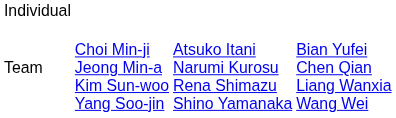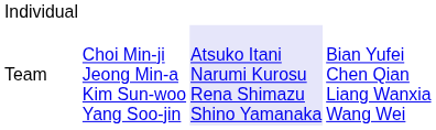 <table>
 <tr>
 <td>Individual<br></td>
 <td></td>
 <td></td>
 <td></td>
 </tr>
 <tr>
 <td>Team<br></td>
 <td><br><a href='#'>Choi Min-ji</a><br><a href='#'>Jeong Min-a</a><br><a href='#'>Kim Sun-woo</a><br><a href='#'>Yang Soo-jin</a></td>
-<td><br><a href='#'>Atsuko Itani</a><br><a href='#'>Narumi Kurosu</a><br><a href='#'>Rena Shimazu</a><br><a href='#'>Shino Yamanaka</a></td>
+<td style="background: lavender;"><br><a href='#'>Atsuko Itani</a><br><a href='#'>Narumi Kurosu</a><br><a href='#'>Rena Shimazu</a><br><a href='#'>Shino Yamanaka</a></td>
 <td><br><a href='#'>Bian Yufei</a><br><a href='#'>Chen Qian</a><br><a href='#'>Liang Wanxia</a><br><a href='#'>Wang Wei</a></td>
 </tr>
 </table>
